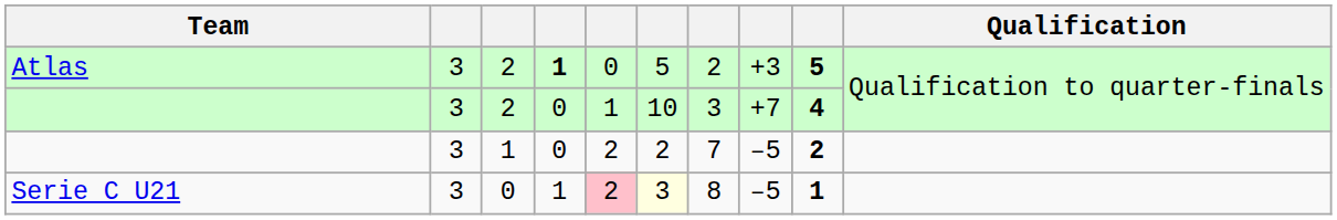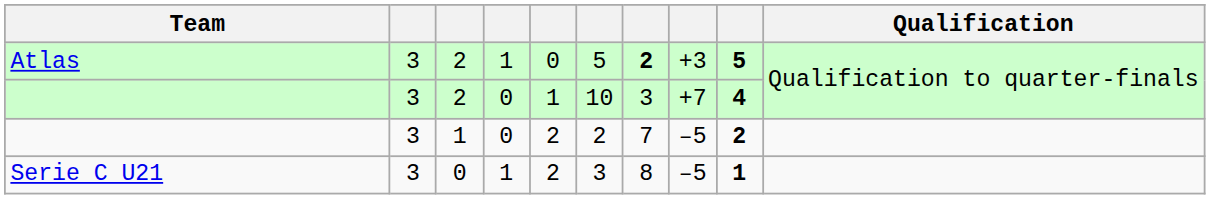 <table class="wikitable" style="text-align:center;">
 <tr>
 <th width=210>Team</th>
 <th width=20></th>
 <th width=20></th>
 <th width=20></th>
 <th width=20></th>
 <th width=20></th>
 <th width=20></th>
 <th width=20></th>
 <th width=20></th>
 <th>Qualification</th>
 </tr>
 <tr bgcolor="#ccffcc">
 <td align="left"> <a href='#'>Atlas</a></td>
 <td>3</td>
 <td>2</td>
-<td><strong>1</strong></td>
+<td>1</td>
 <td>0</td>
 <td>5</td>
-<td>2</td>
+<td><strong>2</strong></td>
 <td>+3</td>
 <td><strong>5</strong></td>
 <td rowspan="2">Qualification to quarter-finals</td>
 </tr>
 <tr bgcolor="#ccffcc">
 <td align="left"></td>
 <td>3</td>
 <td>2</td>
 <td>0</td>
 <td>1</td>
 <td>10</td>
 <td>3</td>
 <td>+7</td>
 <td><strong>4</strong></td>
 </tr>
 <tr>
 <td align="left"></td>
 <td>3</td>
 <td>1</td>
 <td>0</td>
 <td>2</td>
 <td>2</td>
 <td>7</td>
 <td>–5</td>
 <td><strong>2</strong></td>
 <td></td>
 </tr>
 <tr>
 <td align="left"> <a href='#'>Serie C U21</a></td>
 <td>3</td>
 <td>0</td>
 <td>1</td>
-<td style="background: pink;">2</td>
-<td style="background: lightyellow;">3</td>
+<td>2</td>
+<td>3</td>
 <td>8</td>
 <td>–5</td>
 <td><strong>1</strong></td>
 <td></td>
 </tr>
 </table>
